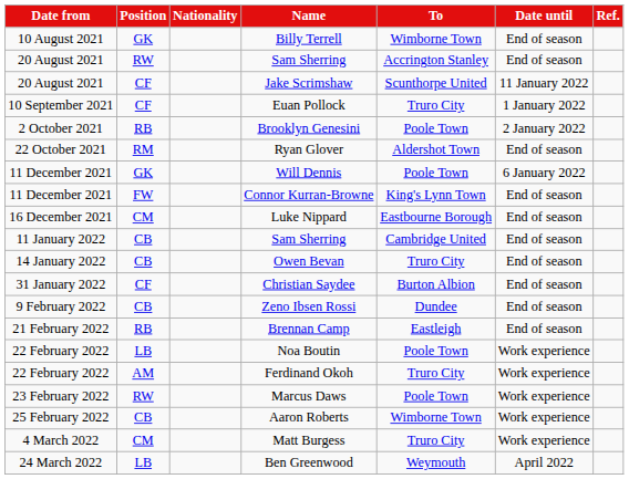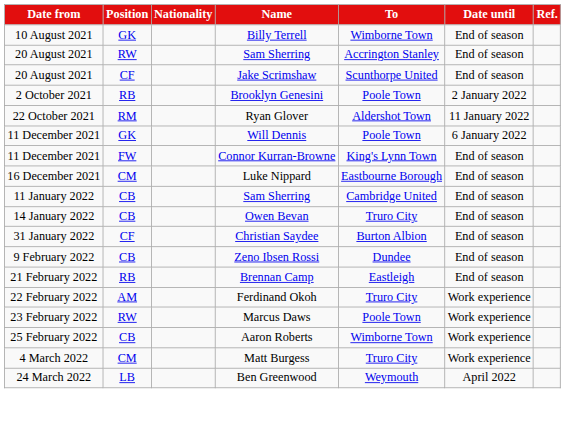 <table class="wikitable"  style="text-align:center; font-size:90%; ">
 <tr>
 <th style="background:#e20e0e;color:#FFFFFF;">Date from</th>
 <th style="background:#e20e0e;color:#FFFFFF;">Position</th>
 <th style="background:#e20e0e;color:#FFFFFF;">Nationality</th>
 <th style="background:#e20e0e;color:#FFFFFF;">Name</th>
 <th style="background:#e20e0e;color:#FFFFFF;">To</th>
 <th style="background:#e20e0e;color:#FFFFFF;">Date until</th>
 <th style="background:#e20e0e;color:#FFFFFF;">Ref.</th>
 </tr>
 <tr>
 <td>10 August 2021</td>
 <td><a href='#'>GK</a></td>
 <td></td>
 <td><a href='#'>Billy Terrell</a></td>
 <td> <a href='#'>Wimborne Town</a></td>
 <td>End of season</td>
 <td></td>
 </tr>
 <tr>
 <td>20 August 2021</td>
 <td><a href='#'>RW</a></td>
 <td></td>
 <td><a href='#'>Sam Sherring</a></td>
 <td> <a href='#'>Accrington Stanley</a></td>
 <td>End of season</td>
 <td></td>
 </tr>
 <tr>
 <td>20 August 2021</td>
 <td><a href='#'>CF</a></td>
 <td></td>
 <td><a href='#'>Jake Scrimshaw</a></td>
 <td> <a href='#'>Scunthorpe United</a></td>
-<td>11 January 2022</td>
-<td></td>
-</tr>
-<tr>
-<td>10 September 2021</td>
-<td><a href='#'>CF</a></td>
-<td></td>
-<td>Euan Pollock</td>
-<td> <a href='#'>Truro City</a></td>
-<td>1 January 2022</td>
+<td>End of season</td>
 <td></td>
 </tr>
 <tr>
 <td>2 October 2021</td>
 <td><a href='#'>RB</a></td>
 <td></td>
 <td><a href='#'>Brooklyn Genesini</a></td>
 <td> <a href='#'>Poole Town</a></td>
 <td>2 January 2022</td>
 <td></td>
 </tr>
 <tr>
 <td>22 October 2021</td>
 <td><a href='#'>RM</a></td>
 <td></td>
 <td>Ryan Glover</td>
 <td> <a href='#'>Aldershot Town</a></td>
-<td>End of season</td>
+<td>11 January 2022</td>
 <td></td>
 </tr>
 <tr>
 <td>11 December 2021</td>
 <td><a href='#'>GK</a></td>
 <td></td>
 <td><a href='#'>Will Dennis</a></td>
 <td> <a href='#'>Poole Town</a></td>
 <td>6 January 2022</td>
 <td></td>
 </tr>
 <tr>
 <td>11 December 2021</td>
 <td><a href='#'>FW</a></td>
 <td></td>
 <td><a href='#'>Connor Kurran-Browne</a></td>
 <td> <a href='#'>King's Lynn Town</a></td>
 <td>End of season</td>
 <td></td>
 </tr>
 <tr>
 <td>16 December 2021</td>
 <td><a href='#'>CM</a></td>
 <td></td>
 <td>Luke Nippard</td>
 <td> <a href='#'>Eastbourne Borough</a></td>
 <td>End of season</td>
 <td></td>
 </tr>
 <tr>
 <td>11 January 2022</td>
 <td><a href='#'>CB</a></td>
 <td></td>
 <td><a href='#'>Sam Sherring</a></td>
 <td> <a href='#'>Cambridge United</a></td>
 <td>End of season</td>
 <td></td>
 </tr>
 <tr>
 <td>14 January 2022</td>
 <td><a href='#'>CB</a></td>
 <td></td>
 <td><a href='#'>Owen Bevan</a></td>
 <td> <a href='#'>Truro City</a></td>
 <td>End of season</td>
 <td></td>
 </tr>
 <tr>
 <td>31 January 2022</td>
 <td><a href='#'>CF</a></td>
 <td></td>
 <td><a href='#'>Christian Saydee</a></td>
 <td> <a href='#'>Burton Albion</a></td>
 <td>End of season</td>
 <td></td>
 </tr>
 <tr>
 <td>9 February 2022</td>
 <td><a href='#'>CB</a></td>
 <td></td>
 <td><a href='#'>Zeno Ibsen Rossi</a></td>
 <td> <a href='#'>Dundee</a></td>
 <td>End of season</td>
 <td></td>
 </tr>
 <tr>
 <td>21 February 2022</td>
 <td><a href='#'>RB</a></td>
 <td></td>
 <td><a href='#'>Brennan Camp</a></td>
 <td> <a href='#'>Eastleigh</a></td>
 <td>End of season</td>
 <td></td>
 </tr>
 <tr>
 <td>22 February 2022</td>
-<td><a href='#'>LB</a></td>
-<td></td>
-<td>Noa Boutin</td>
-<td> <a href='#'>Poole Town</a></td>
-<td>Work experience</td>
-<td></td>
-</tr>
-<tr>
-<td>22 February 2022</td>
 <td><a href='#'>AM</a></td>
 <td></td>
 <td>Ferdinand Okoh</td>
 <td> <a href='#'>Truro City</a></td>
 <td>Work experience</td>
 <td></td>
 </tr>
 <tr>
 <td>23 February 2022</td>
 <td><a href='#'>RW</a></td>
 <td></td>
 <td>Marcus Daws</td>
 <td> <a href='#'>Poole Town</a></td>
 <td>Work experience</td>
 <td></td>
 </tr>
 <tr>
 <td>25 February 2022</td>
 <td><a href='#'>CB</a></td>
 <td></td>
 <td>Aaron Roberts</td>
 <td> <a href='#'>Wimborne Town</a></td>
 <td>Work experience</td>
 <td></td>
 </tr>
 <tr>
 <td>4 March 2022</td>
 <td><a href='#'>CM</a></td>
 <td></td>
 <td>Matt Burgess</td>
 <td> <a href='#'>Truro City</a></td>
 <td>Work experience</td>
 <td></td>
 </tr>
 <tr>
 <td>24 March 2022</td>
 <td><a href='#'>LB</a></td>
 <td></td>
 <td>Ben Greenwood</td>
 <td> <a href='#'>Weymouth</a></td>
 <td>April 2022</td>
 <td></td>
 </tr>
 </table>
